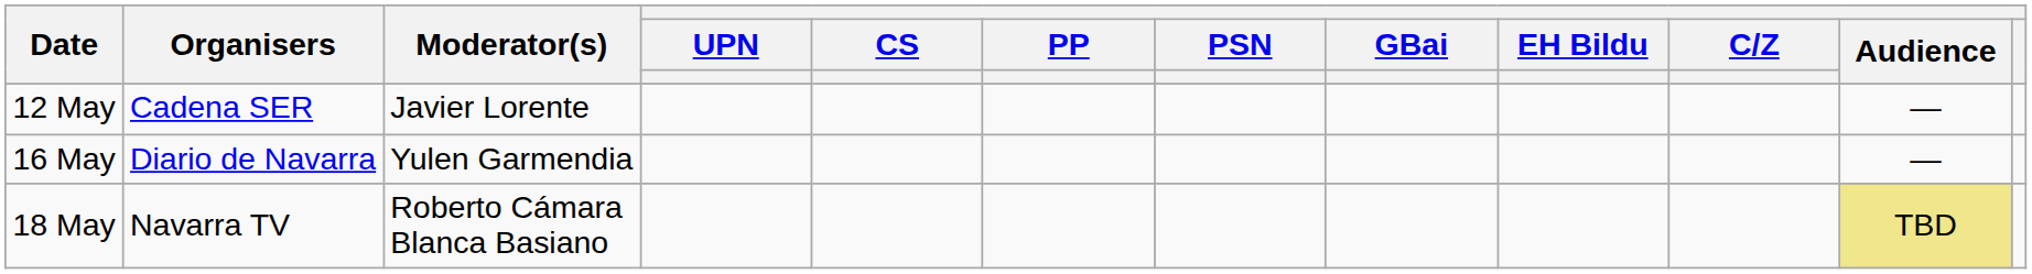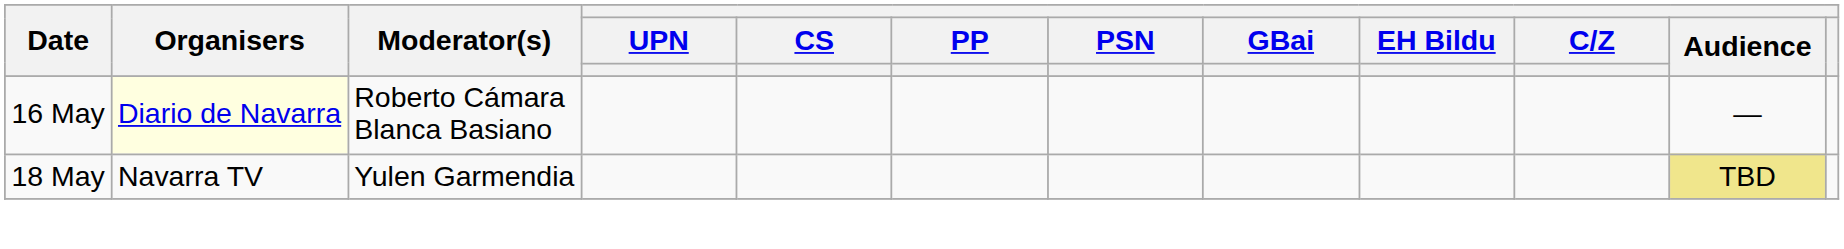 <table class="wikitable" style="text-align:center;">
 <tr>
 <th rowspan="3">Date</th>
 <th rowspan="3">Organisers</th>
 <th rowspan="3">Moderator(s)</th>
 <th colspan="9">      </th>
 </tr>
 <tr>
 <th scope="col" style="width:5em;"><a href='#'>UPN</a></th>
 <th scope="col" style="width:5em;"><a href='#'>CS</a></th>
 <th scope="col" style="width:5em;"><a href='#'>PP</a></th>
 <th scope="col" style="width:5em;"><a href='#'>PSN</a></th>
 <th scope="col" style="width:5em;"><a href='#'>GBai</a></th>
 <th scope="col" style="width:5em;"><a href='#'>EH Bildu</a></th>
 <th scope="col" style="width:5em;"><a href='#'>C/Z</a></th>
 <th rowspan="2" scope="col" style="width:5em;">Audience</th>
 <th rowspan="2"></th>
 </tr>
 <tr>
 <th style="color:inherit;background:"></th>
 <th style="color:inherit;background:"></th>
 <th style="color:inherit;background:"></th>
 <th style="color:inherit;background:"></th>
 <th style="color:inherit;background:"></th>
 <th style="color:inherit;background:"></th>
 <th style="color:inherit;background:"></th>
 </tr>
 <tr>
-<td style="white-space:nowrap; text-align:left;">12 May</td>
-<td style="white-space:nowrap; text-align:left;"><a href='#'>Cadena SER</a></td>
-<td style="white-space:nowrap; text-align:left;">Javier Lorente</td>
-<td></td>
-<td></td>
-<td></td>
-<td></td>
-<td></td>
-<td></td>
-<td></td>
-<td>—</td>
-<td></td>
-</tr>
-<tr>
 <td style="white-space:nowrap; text-align:left;">16 May</td>
-<td style="white-space:nowrap; text-align:left;"><a href='#'>Diario de Navarra</a></td>
-<td style="white-space:nowrap; text-align:left;">Yulen Garmendia</td>
+<td style="background: lightyellow; white-space:nowrap; text-align:left;"><a href='#'>Diario de Navarra</a></td>
+<td style="white-space:nowrap; text-align:left;">Roberto Cámara<br>Blanca Basiano</td>
 <td></td>
 <td></td>
 <td></td>
 <td></td>
 <td></td>
 <td></td>
 <td></td>
 <td>—</td>
 <td></td>
 </tr>
 <tr>
 <td style="white-space:nowrap; text-align:left;">18 May</td>
 <td style="white-space:nowrap; text-align:left;">Navarra TV</td>
-<td style="white-space:nowrap; text-align:left;">Roberto Cámara<br>Blanca Basiano</td>
+<td style="white-space:nowrap; text-align:left;">Yulen Garmendia</td>
 <td></td>
 <td></td>
 <td></td>
 <td></td>
 <td></td>
 <td></td>
 <td></td>
 <td style="background: khaki;">TBD</td>
 <td></td>
 </tr>
 </table>
